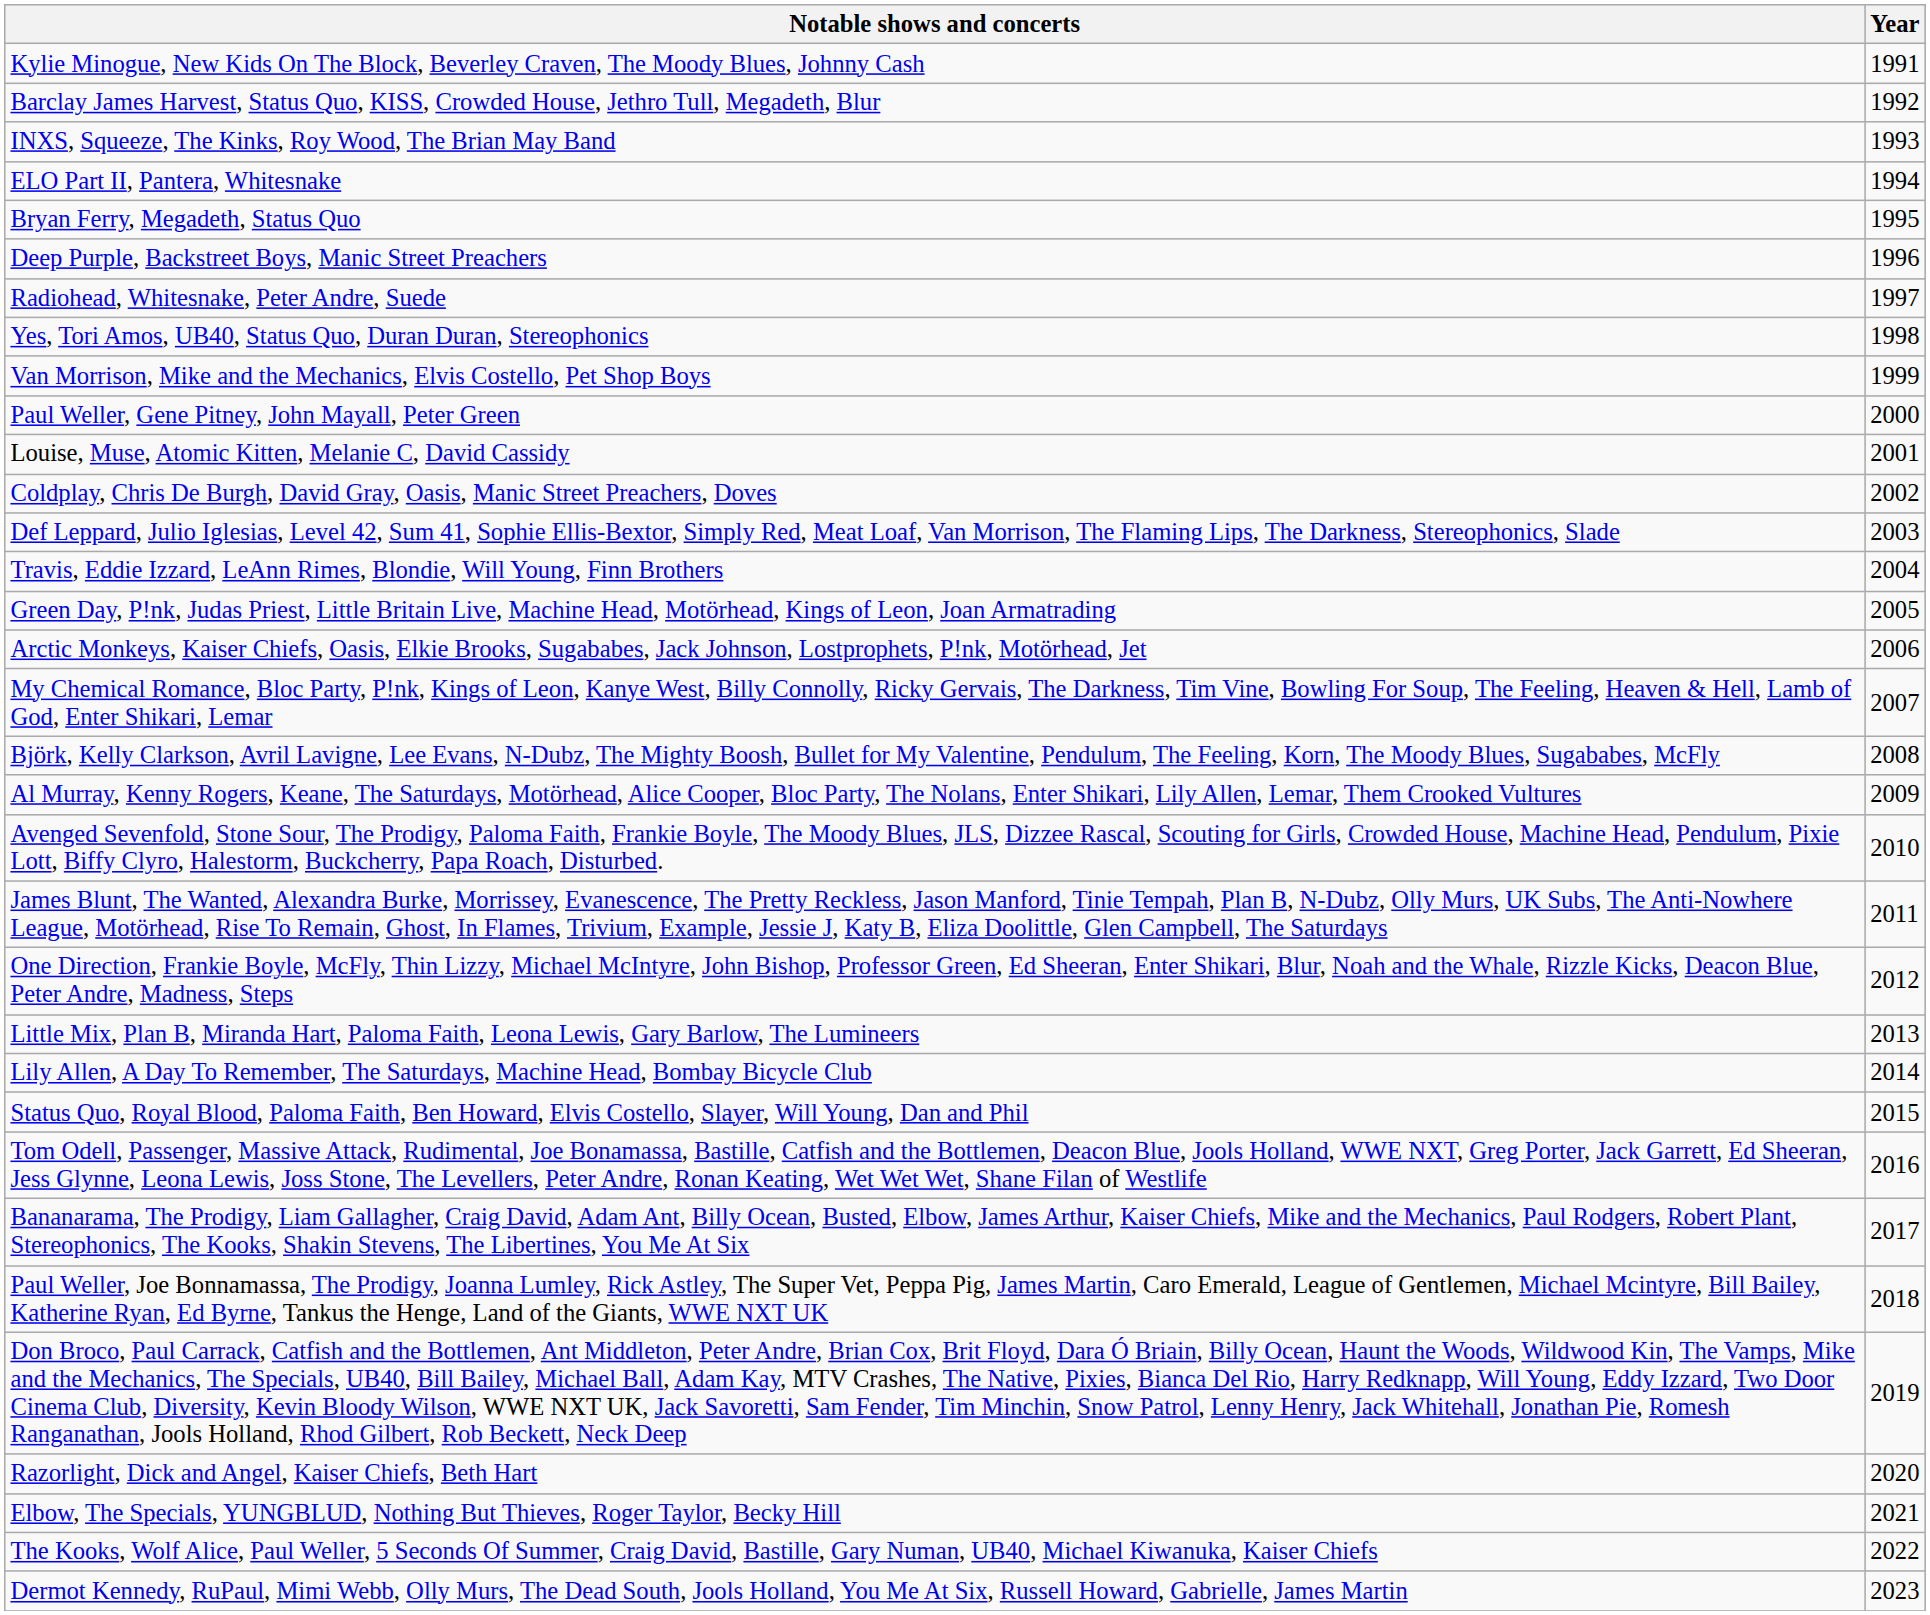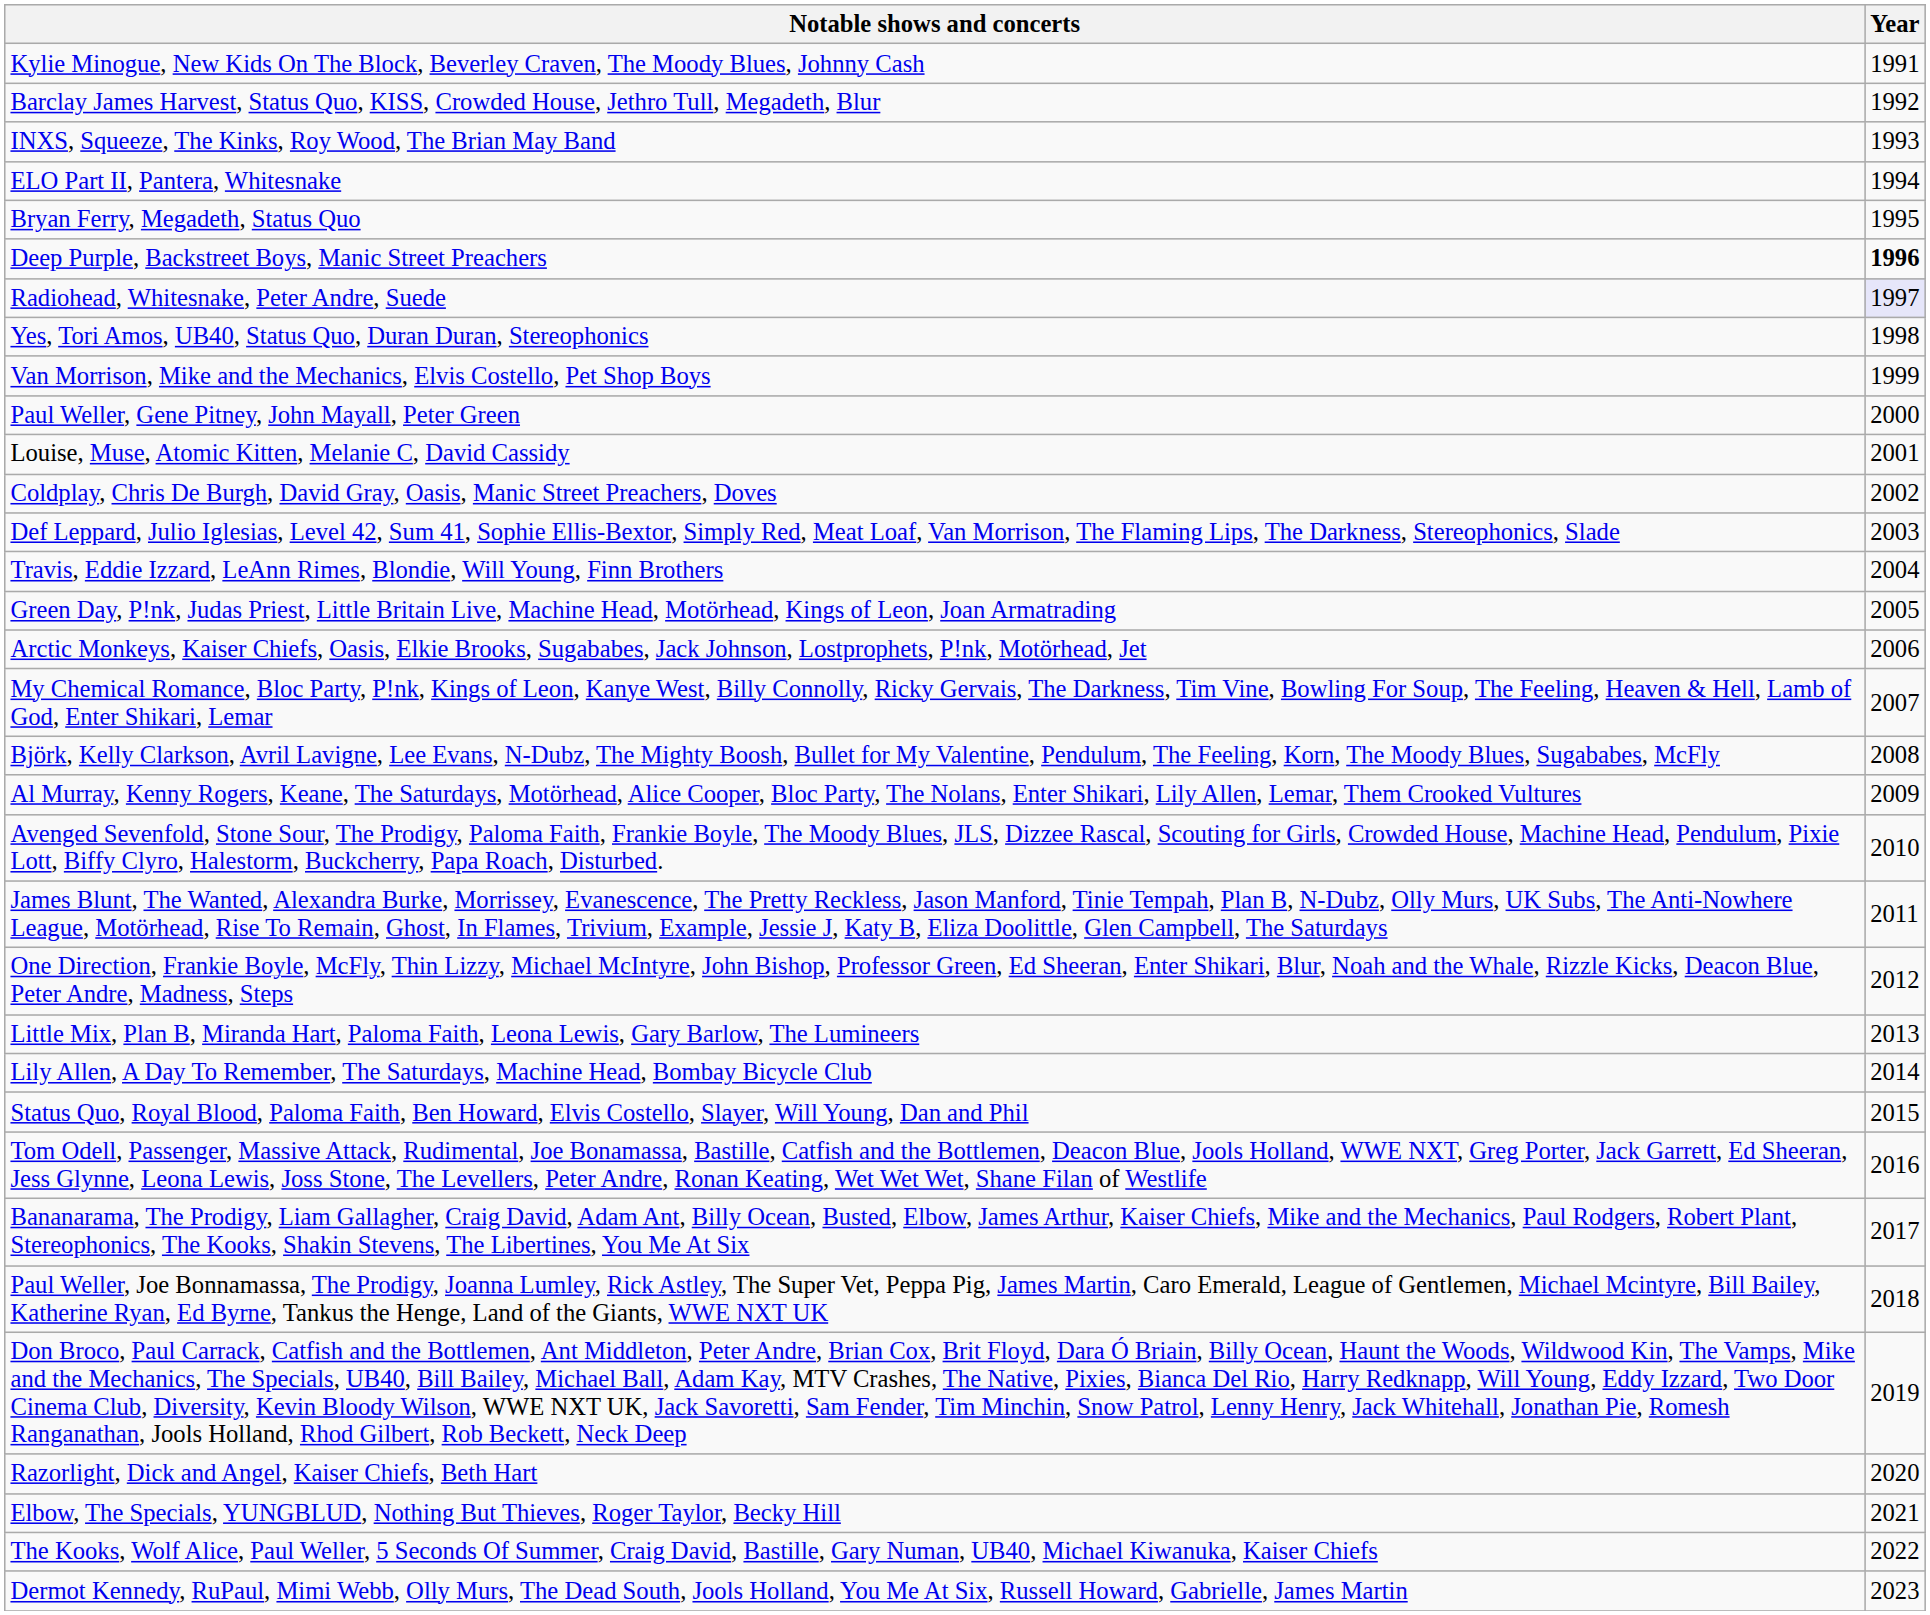 <table class="wikitable">
 <tr>
 <th>Notable shows and concerts</th>
 <th>Year</th>
 </tr>
 <tr>
 <td><a href='#'>Kylie Minogue</a>, <a href='#'>New Kids On The Block</a>, <a href='#'>Beverley Craven</a>, <a href='#'>The Moody Blues</a>, <a href='#'>Johnny Cash</a></td>
 <td>1991</td>
 </tr>
 <tr>
 <td><a href='#'>Barclay James Harvest</a>, <a href='#'>Status Quo</a>, <a href='#'>KISS</a>, <a href='#'>Crowded House</a>, <a href='#'>Jethro Tull</a>, <a href='#'>Megadeth</a>, <a href='#'>Blur</a></td>
 <td>1992</td>
 </tr>
 <tr>
 <td><a href='#'>INXS</a>, <a href='#'>Squeeze</a>, <a href='#'>The Kinks</a>, <a href='#'>Roy Wood</a>, <a href='#'>The Brian May Band</a></td>
 <td>1993</td>
 </tr>
 <tr>
 <td><a href='#'>ELO Part II</a>, <a href='#'>Pantera</a>, <a href='#'>Whitesnake</a></td>
 <td>1994</td>
 </tr>
 <tr>
 <td><a href='#'>Bryan Ferry</a>, <a href='#'>Megadeth</a>, <a href='#'>Status Quo</a></td>
 <td>1995</td>
 </tr>
 <tr>
 <td><a href='#'>Deep Purple</a>, <a href='#'>Backstreet Boys</a>, <a href='#'>Manic Street Preachers</a></td>
-<td>1996</td>
+<td><strong>1996</strong></td>
 </tr>
 <tr>
 <td><a href='#'>Radiohead</a>, <a href='#'>Whitesnake</a>, <a href='#'>Peter Andre</a>, <a href='#'>Suede</a></td>
-<td>1997</td>
+<td style="background: lavender;">1997</td>
 </tr>
 <tr>
 <td><a href='#'>Yes</a>, <a href='#'>Tori Amos</a>, <a href='#'>UB40</a>, <a href='#'>Status Quo</a>, <a href='#'>Duran Duran</a>, <a href='#'>Stereophonics</a></td>
 <td>1998</td>
 </tr>
 <tr>
 <td><a href='#'>Van Morrison</a>, <a href='#'>Mike and the Mechanics</a>, <a href='#'>Elvis Costello</a>, <a href='#'>Pet Shop Boys</a></td>
 <td>1999</td>
 </tr>
 <tr>
 <td><a href='#'>Paul Weller</a>, <a href='#'>Gene Pitney</a>, <a href='#'>John Mayall</a>, <a href='#'>Peter Green</a></td>
 <td>2000</td>
 </tr>
 <tr>
 <td>Louise, <a href='#'>Muse</a>, <a href='#'>Atomic Kitten</a>, <a href='#'>Melanie C</a>, <a href='#'>David Cassidy</a></td>
 <td>2001</td>
 </tr>
 <tr>
 <td><a href='#'>Coldplay</a>, <a href='#'>Chris De Burgh</a>, <a href='#'>David Gray</a>, <a href='#'>Oasis</a>, <a href='#'>Manic Street Preachers</a>, <a href='#'>Doves</a></td>
 <td>2002</td>
 </tr>
 <tr>
 <td><a href='#'>Def Leppard</a>, <a href='#'>Julio Iglesias</a>, <a href='#'>Level 42</a>, <a href='#'>Sum 41</a>, <a href='#'>Sophie Ellis-Bextor</a>, <a href='#'>Simply Red</a>, <a href='#'>Meat Loaf</a>, <a href='#'>Van Morrison</a>, <a href='#'>The Flaming Lips</a>, <a href='#'>The Darkness</a>, <a href='#'>Stereophonics</a>, <a href='#'>Slade</a></td>
 <td>2003</td>
 </tr>
 <tr>
 <td><a href='#'>Travis</a>, <a href='#'>Eddie Izzard</a>, <a href='#'>LeAnn Rimes</a>, <a href='#'>Blondie</a>, <a href='#'>Will Young</a>, <a href='#'>Finn Brothers</a></td>
 <td>2004</td>
 </tr>
 <tr>
 <td><a href='#'>Green Day</a>, <a href='#'>P!nk</a>, <a href='#'>Judas Priest</a>, <a href='#'>Little Britain Live</a>, <a href='#'>Machine Head</a>, <a href='#'>Motörhead</a>, <a href='#'>Kings of Leon</a>, <a href='#'>Joan Armatrading</a></td>
 <td>2005</td>
 </tr>
 <tr>
 <td><a href='#'>Arctic Monkeys</a>, <a href='#'>Kaiser Chiefs</a>, <a href='#'>Oasis</a>, <a href='#'>Elkie Brooks</a>, <a href='#'>Sugababes</a>, <a href='#'>Jack Johnson</a>, <a href='#'>Lostprophets</a>, <a href='#'>P!nk</a>, <a href='#'>Motörhead</a>, <a href='#'>Jet</a></td>
 <td>2006</td>
 </tr>
 <tr>
 <td><a href='#'>My Chemical Romance</a>, <a href='#'>Bloc Party</a>, <a href='#'>P!nk</a>, <a href='#'>Kings of Leon</a>, <a href='#'>Kanye West</a>, <a href='#'>Billy Connolly</a>, <a href='#'>Ricky Gervais</a>, <a href='#'>The Darkness</a>, <a href='#'>Tim Vine</a>, <a href='#'>Bowling For Soup</a>, <a href='#'>The Feeling</a>, <a href='#'>Heaven & Hell</a>, <a href='#'>Lamb of God</a>, <a href='#'>Enter Shikari</a>, <a href='#'>Lemar</a></td>
 <td>2007</td>
 </tr>
 <tr>
 <td><a href='#'>Björk</a>, <a href='#'>Kelly Clarkson</a>, <a href='#'>Avril Lavigne</a>, <a href='#'>Lee Evans</a>, <a href='#'>N-Dubz</a>, <a href='#'>The Mighty Boosh</a>, <a href='#'>Bullet for My Valentine</a>, <a href='#'>Pendulum</a>, <a href='#'>The Feeling</a>, <a href='#'>Korn</a>, <a href='#'>The Moody Blues</a>, <a href='#'>Sugababes</a>, <a href='#'>McFly</a></td>
 <td>2008</td>
 </tr>
 <tr>
 <td><a href='#'>Al Murray</a>, <a href='#'>Kenny Rogers</a>, <a href='#'>Keane</a>, <a href='#'>The Saturdays</a>, <a href='#'>Motörhead</a>, <a href='#'>Alice Cooper</a>, <a href='#'>Bloc Party</a>, <a href='#'>The Nolans</a>, <a href='#'>Enter Shikari</a>, <a href='#'>Lily Allen</a>, <a href='#'>Lemar</a>, <a href='#'>Them Crooked Vultures</a></td>
 <td>2009</td>
 </tr>
 <tr>
 <td><a href='#'>Avenged Sevenfold</a>, <a href='#'>Stone Sour</a>, <a href='#'>The Prodigy</a>, <a href='#'>Paloma Faith</a>, <a href='#'>Frankie Boyle</a>, <a href='#'>The Moody Blues</a>, <a href='#'>JLS</a>, <a href='#'>Dizzee Rascal</a>, <a href='#'>Scouting for Girls</a>, <a href='#'>Crowded House</a>, <a href='#'>Machine Head</a>, <a href='#'>Pendulum</a>, <a href='#'>Pixie Lott</a>, <a href='#'>Biffy Clyro</a>, <a href='#'>Halestorm</a>, <a href='#'>Buckcherry</a>, <a href='#'>Papa Roach</a>, <a href='#'>Disturbed</a>.</td>
 <td>2010</td>
 </tr>
 <tr>
 <td><a href='#'>James Blunt</a>, <a href='#'>The Wanted</a>, <a href='#'>Alexandra Burke</a>, <a href='#'>Morrissey</a>, <a href='#'>Evanescence</a>, <a href='#'>The Pretty Reckless</a>, <a href='#'>Jason Manford</a>, <a href='#'>Tinie Tempah</a>, <a href='#'>Plan B</a>, <a href='#'>N-Dubz</a>, <a href='#'>Olly Murs</a>, <a href='#'>UK Subs</a>, <a href='#'>The Anti-Nowhere League</a>, <a href='#'>Motörhead</a>, <a href='#'>Rise To Remain</a>, <a href='#'>Ghost</a>, <a href='#'>In Flames</a>, <a href='#'>Trivium</a>, <a href='#'>Example</a>, <a href='#'>Jessie J</a>, <a href='#'>Katy B</a>, <a href='#'>Eliza Doolittle</a>, <a href='#'>Glen Campbell</a>, <a href='#'>The Saturdays</a></td>
 <td>2011</td>
 </tr>
 <tr>
 <td><a href='#'>One Direction</a>, <a href='#'>Frankie Boyle</a>, <a href='#'>McFly</a>, <a href='#'>Thin Lizzy</a>, <a href='#'>Michael McIntyre</a>, <a href='#'>John Bishop</a>, <a href='#'>Professor Green</a>, <a href='#'>Ed Sheeran</a>, <a href='#'>Enter Shikari</a>, <a href='#'>Blur</a>, <a href='#'>Noah and the Whale</a>, <a href='#'>Rizzle Kicks</a>, <a href='#'>Deacon Blue</a>, <a href='#'>Peter Andre</a>, <a href='#'>Madness</a>, <a href='#'>Steps</a></td>
 <td>2012</td>
 </tr>
 <tr>
 <td><a href='#'>Little Mix</a>, <a href='#'>Plan B</a>, <a href='#'>Miranda Hart</a>, <a href='#'>Paloma Faith</a>, <a href='#'>Leona Lewis</a>, <a href='#'>Gary Barlow</a>, <a href='#'>The Lumineers</a></td>
 <td>2013</td>
 </tr>
 <tr>
 <td><a href='#'>Lily Allen</a>, <a href='#'>A Day To Remember</a>, <a href='#'>The Saturdays</a>, <a href='#'>Machine Head</a>, <a href='#'>Bombay Bicycle Club</a></td>
 <td>2014</td>
 </tr>
 <tr>
 <td><a href='#'>Status Quo</a>, <a href='#'>Royal Blood</a>, <a href='#'>Paloma Faith</a>, <a href='#'>Ben Howard</a>, <a href='#'>Elvis Costello</a>, <a href='#'>Slayer</a>, <a href='#'>Will Young</a>, <a href='#'>Dan and Phil</a></td>
 <td>2015</td>
 </tr>
 <tr>
 <td><a href='#'>Tom Odell</a>, <a href='#'>Passenger</a>, <a href='#'>Massive Attack</a>, <a href='#'>Rudimental</a>, <a href='#'>Joe Bonamassa</a>, <a href='#'>Bastille</a>, <a href='#'>Catfish and the Bottlemen</a>, <a href='#'>Deacon Blue</a>, <a href='#'>Jools Holland</a>, <a href='#'>WWE NXT</a>, <a href='#'>Greg Porter</a>, <a href='#'>Jack Garrett</a>, <a href='#'>Ed Sheeran</a>, <a href='#'>Jess Glynne</a>, <a href='#'>Leona Lewis</a>, <a href='#'>Joss Stone</a>, <a href='#'>The Levellers</a>, <a href='#'>Peter Andre</a>, <a href='#'>Ronan Keating</a>, <a href='#'>Wet Wet Wet</a>, <a href='#'>Shane Filan</a> of <a href='#'>Westlife</a></td>
 <td>2016</td>
 </tr>
 <tr>
 <td><a href='#'>Bananarama</a>, <a href='#'>The Prodigy</a>, <a href='#'>Liam Gallagher</a>, <a href='#'>Craig David</a>, <a href='#'>Adam Ant</a>, <a href='#'>Billy Ocean</a>, <a href='#'>Busted</a>, <a href='#'>Elbow</a>, <a href='#'>James Arthur</a>, <a href='#'>Kaiser Chiefs</a>, <a href='#'>Mike and the Mechanics</a>, <a href='#'>Paul Rodgers</a>, <a href='#'>Robert Plant</a>, <a href='#'>Stereophonics</a>, <a href='#'>The Kooks</a>, <a href='#'>Shakin Stevens</a>, <a href='#'>The Libertines</a>, <a href='#'>You Me At Six</a></td>
 <td>2017</td>
 </tr>
 <tr>
 <td><a href='#'>Paul Weller</a>, Joe Bonnamassa, <a href='#'>The Prodigy</a>, <a href='#'>Joanna Lumley</a>, <a href='#'>Rick Astley</a>, The Super Vet, Peppa Pig, <a href='#'>James Martin</a>, Caro Emerald, League of Gentlemen, <a href='#'>Michael Mcintyre</a>, <a href='#'>Bill Bailey</a>, <a href='#'>Katherine Ryan</a>, <a href='#'>Ed Byrne</a>, Tankus the Henge, Land of the Giants, <a href='#'>WWE NXT UK</a></td>
 <td>2018</td>
 </tr>
 <tr>
 <td><a href='#'>Don Broco</a>, <a href='#'>Paul Carrack</a>, <a href='#'>Catfish and the Bottlemen</a>, <a href='#'>Ant Middleton</a>, <a href='#'>Peter Andre</a>, <a href='#'>Brian Cox</a>, <a href='#'>Brit Floyd</a>, <a href='#'>Dara Ó Briain</a>, <a href='#'>Billy Ocean</a>, <a href='#'>Haunt the Woods</a>, <a href='#'>Wildwood Kin</a>, <a href='#'>The Vamps</a>, <a href='#'>Mike and the Mechanics</a>, <a href='#'>The Specials</a>, <a href='#'>UB40</a>, <a href='#'>Bill Bailey</a>, <a href='#'>Michael Ball</a>, <a href='#'>Adam Kay</a>, MTV Crashes, <a href='#'>The Native</a>, <a href='#'>Pixies</a>, <a href='#'>Bianca Del Rio</a>, <a href='#'>Harry Redknapp</a>, <a href='#'>Will Young</a>, <a href='#'>Eddy Izzard</a>, <a href='#'>Two Door Cinema Club</a>, <a href='#'>Diversity</a>, <a href='#'>Kevin Bloody Wilson</a>, WWE NXT UK, <a href='#'>Jack Savoretti</a>, <a href='#'>Sam Fender</a>, <a href='#'>Tim Minchin</a>, <a href='#'>Snow Patrol</a>, <a href='#'>Lenny Henry</a>, <a href='#'>Jack Whitehall</a>, <a href='#'>Jonathan Pie</a>, <a href='#'>Romesh Ranganathan</a>, Jools Holland, <a href='#'>Rhod Gilbert</a>, <a href='#'>Rob Beckett</a>, <a href='#'>Neck Deep</a></td>
 <td>2019</td>
 </tr>
 <tr>
 <td><a href='#'>Razorlight</a>, <a href='#'>Dick and Angel</a>, <a href='#'>Kaiser Chiefs</a>, <a href='#'>Beth Hart</a></td>
 <td>2020</td>
 </tr>
 <tr>
 <td><a href='#'>Elbow</a>, <a href='#'>The Specials</a>, <a href='#'>YUNGBLUD</a>, <a href='#'>Nothing But Thieves</a>, <a href='#'>Roger Taylor</a>, <a href='#'>Becky Hill</a></td>
 <td>2021</td>
 </tr>
 <tr>
 <td><a href='#'>The Kooks</a>, <a href='#'>Wolf Alice</a>, <a href='#'>Paul Weller</a>, <a href='#'>5 Seconds Of Summer</a>, <a href='#'>Craig David</a>, <a href='#'>Bastille</a>, <a href='#'>Gary Numan</a>, <a href='#'>UB40</a>, <a href='#'>Michael Kiwanuka</a>, <a href='#'>Kaiser Chiefs</a></td>
 <td>2022</td>
 </tr>
 <tr>
 <td><a href='#'>Dermot Kennedy</a>, <a href='#'>RuPaul</a>, <a href='#'>Mimi Webb</a>, <a href='#'>Olly Murs</a>, <a href='#'>The Dead South</a>, <a href='#'>Jools Holland</a>, <a href='#'>You Me At Six</a>, <a href='#'>Russell Howard</a>, <a href='#'>Gabrielle</a>, <a href='#'>James Martin</a></td>
 <td>2023</td>
 </tr>
 </table>
